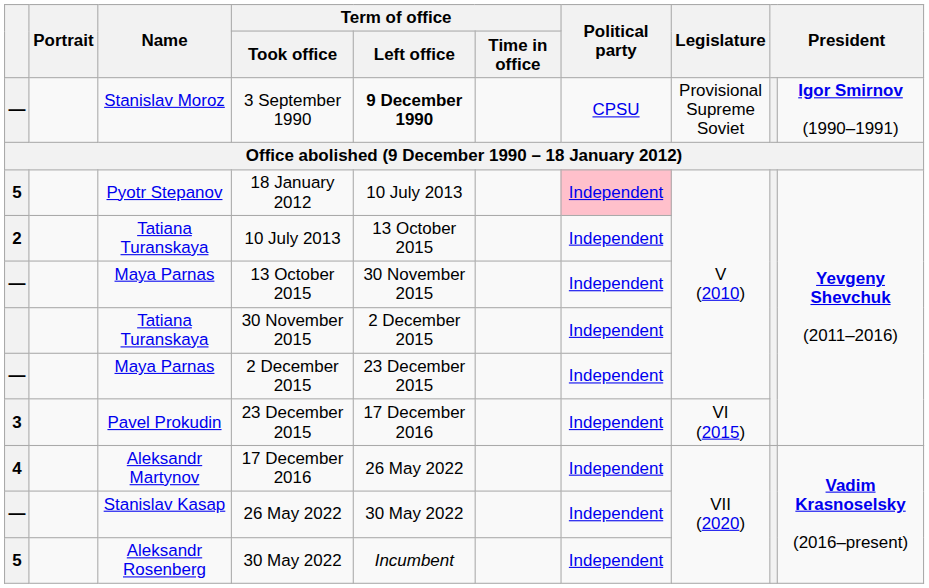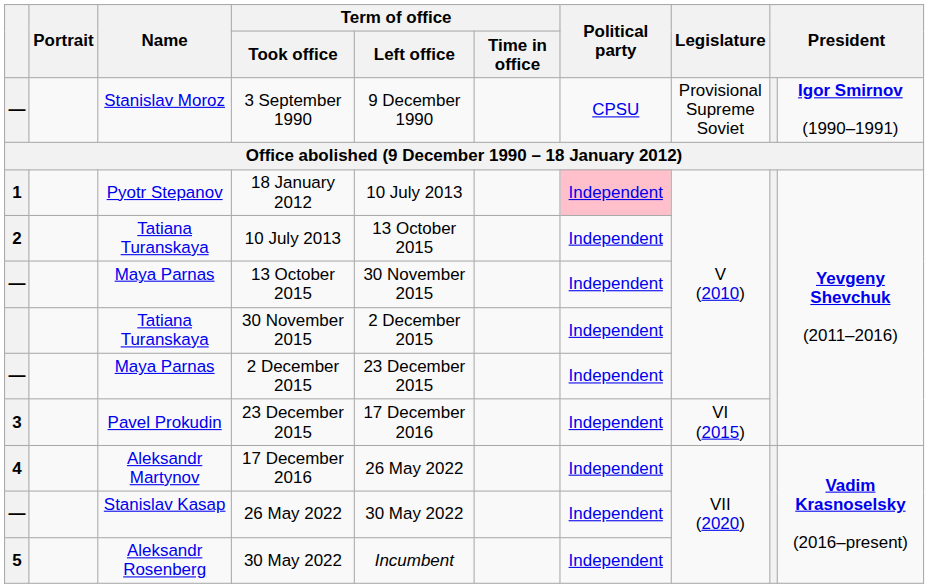 <table class="wikitable" style="text-align:center">
 <tr align=center bgcolor=#ebebeb>
 <th rowspan=2></th>
 <th rowspan=2>Portrait</th>
 <th rowspan=2>Name<br></th>
 <th colspan=3>Term of office</th>
 <th rowspan=2>Political party</th>
 <th rowspan=2>Legislature</th>
 <th colspan=2 rowspan=2>President</th>
 </tr>
 <tr align=center bgcolor=#ebebeb>
 <th>Took office</th>
 <th>Left office</th>
 <th>Time in office</th>
 </tr>
 <tr>
 <th style="background:">—</th>
 <td></td>
 <td><a href='#'>Stanislav Moroz</a><br><br></td>
 <td>3 September 1990</td>
-<td><strong>9 December 1990</strong></td>
+<td>9 December 1990</td>
 <td></td>
 <td><a href='#'>CPSU</a></td>
 <td>Provisional<br>Supreme<br>Soviet</td>
 <th style="background:"></th>
 <td><strong><a href='#'>Igor Smirnov</a></strong><br><br>(1990–1991)</td>
 </tr>
 <tr>
 <th colspan=10>Office abolished (9 December 1990 – 18 January 2012)</th>
 </tr>
 <tr>
-<th style="background:">5</th>
+<th style="background:">1</th>
 <td></td>
 <td><a href='#'>Pyotr Stepanov</a><br></td>
 <td>18 January 2012</td>
 <td>10 July 2013</td>
 <td></td>
 <td style="background: pink;"><a href='#'>Independent</a></td>
 <td rowspan=5>V<br>(<a href='#'>2010</a>)</td>
 <th rowspan=6 style="background:"></th>
 <td rowspan=6><strong><a href='#'>Yevgeny Shevchuk</a></strong><br><br>(2011–2016)</td>
 </tr>
 <tr>
 <th style="background:">2</th>
 <td></td>
 <td><a href='#'>Tatiana Turanskaya</a><br></td>
 <td>10 July 2013</td>
 <td>13 October 2015</td>
 <td></td>
 <td><a href='#'>Independent</a></td>
 </tr>
 <tr>
 <th style="background:">—</th>
 <td></td>
 <td><a href='#'>Maya Parnas</a><br><br></td>
 <td>13 October 2015</td>
 <td>30 November 2015</td>
 <td></td>
 <td><a href='#'>Independent</a></td>
 </tr>
 <tr>
 <th style="background:"></th>
 <td></td>
 <td><a href='#'>Tatiana Turanskaya</a><br></td>
 <td>30 November 2015</td>
 <td>2 December 2015</td>
 <td></td>
 <td><a href='#'>Independent</a></td>
 </tr>
 <tr>
 <th style="background:">—</th>
 <td></td>
 <td><a href='#'>Maya Parnas</a><br><br></td>
 <td>2 December 2015</td>
 <td>23 December 2015</td>
 <td></td>
 <td><a href='#'>Independent</a></td>
 </tr>
 <tr>
 <th style="background:">3</th>
 <td></td>
 <td><a href='#'>Pavel Prokudin</a><br></td>
 <td>23 December 2015</td>
 <td>17 December 2016</td>
 <td></td>
 <td><a href='#'>Independent</a></td>
 <td rowspan=2>VI<br>(<a href='#'>2015</a>)</td>
 </tr>
 <tr>
 <th rowspan=2 style="background:">4</th>
 <td rowspan=2></td>
 <td rowspan=2><a href='#'>Aleksandr Martynov</a><br></td>
 <td rowspan=2>17 December 2016</td>
 <td rowspan=2>26 May 2022</td>
 <td rowspan=2></td>
 <td rowspan=2><a href='#'>Independent</a></td>
 <th rowspan=4 style="background:"></th>
 <td rowspan=4><strong><a href='#'>Vadim Krasnoselsky</a></strong><br><br>(2016–present)</td>
 </tr>
 <tr>
 <td rowspan=3>VII<br>(<a href='#'>2020</a>)</td>
 </tr>
 <tr>
 <th style="background:">—</th>
 <td></td>
 <td><a href='#'>Stanislav Kasap</a><br><br></td>
 <td>26 May 2022</td>
 <td>30 May 2022</td>
 <td></td>
 <td><a href='#'>Independent</a></td>
 </tr>
 <tr>
 <th style="background:">5</th>
 <td></td>
 <td><a href='#'>Aleksandr Rosenberg</a><br></td>
 <td>30 May 2022</td>
 <td><em>Incumbent</em></td>
 <td></td>
 <td><a href='#'>Independent</a></td>
 </tr>
 </table>
